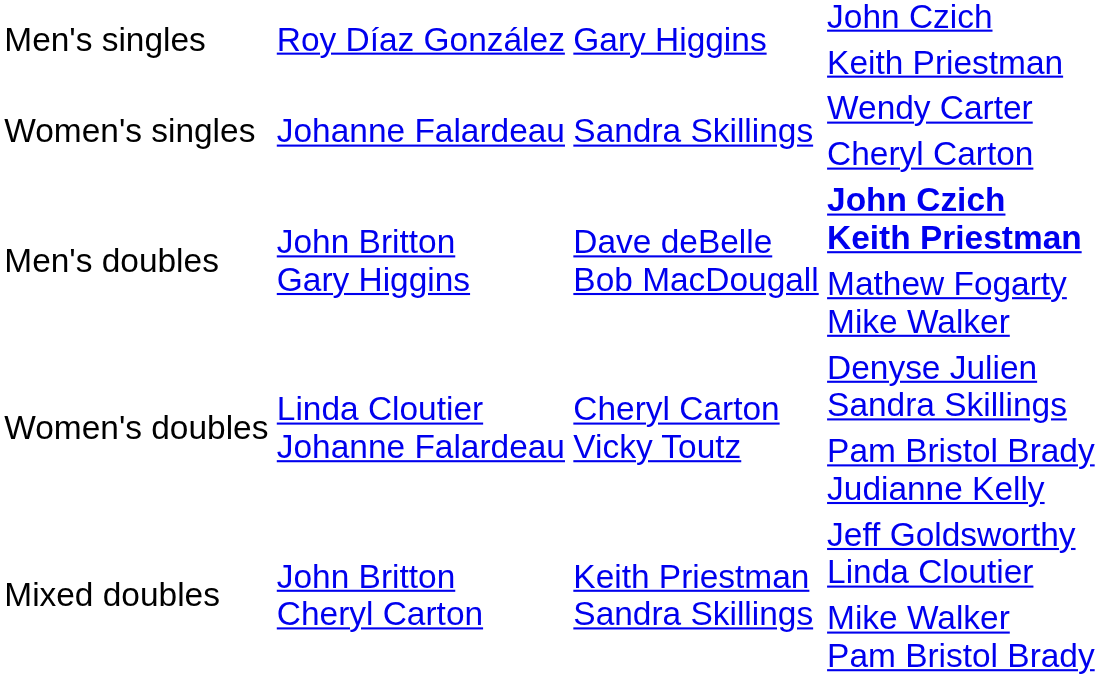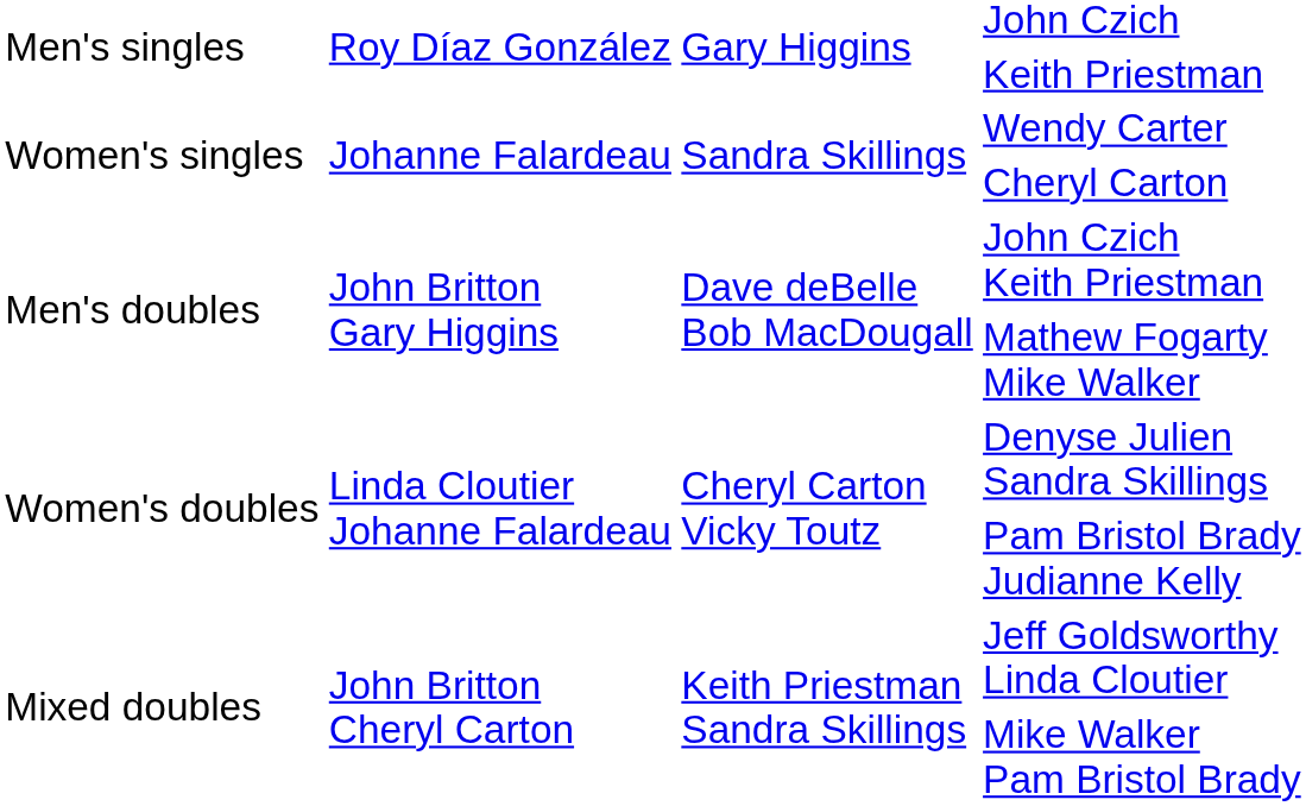 <table>
 <tr>
 <td rowspan="2">Men's singles</td>
 <td rowspan="2"> <a href='#'>Roy Díaz González</a></td>
 <td rowspan="2"> <a href='#'>Gary Higgins</a></td>
 <td> <a href='#'>John Czich</a></td>
 </tr>
 <tr>
 <td> <a href='#'>Keith Priestman</a></td>
 </tr>
 <tr>
 <td rowspan="2">Women's singles</td>
 <td rowspan="2"> <a href='#'>Johanne Falardeau</a></td>
 <td rowspan="2"> <a href='#'>Sandra Skillings</a></td>
 <td> <a href='#'>Wendy Carter</a></td>
 </tr>
 <tr>
 <td> <a href='#'>Cheryl Carton</a></td>
 </tr>
 <tr>
 <td rowspan="2">Men's doubles</td>
 <td rowspan="2"> <a href='#'>John Britton</a> <br> <a href='#'>Gary Higgins</a></td>
 <td rowspan="2"> <a href='#'>Dave deBelle</a> <br> <a href='#'>Bob MacDougall</a></td>
-<td><strong> <a href='#'>John Czich</a><br> <a href='#'>Keith Priestman</a></strong></td>
+<td> <a href='#'>John Czich</a><br> <a href='#'>Keith Priestman</a></td>
 </tr>
 <tr>
 <td> <a href='#'>Mathew Fogarty</a><br> <a href='#'>Mike Walker</a></td>
 </tr>
 <tr>
 <td rowspan="2">Women's doubles</td>
 <td rowspan="2"> <a href='#'>Linda Cloutier</a> <br> <a href='#'>Johanne Falardeau</a></td>
 <td rowspan="2"> <a href='#'>Cheryl Carton</a> <br> <a href='#'>Vicky Toutz</a></td>
 <td> <a href='#'>Denyse Julien</a><br> <a href='#'>Sandra Skillings</a></td>
 </tr>
 <tr>
 <td> <a href='#'>Pam Bristol Brady</a><br> <a href='#'>Judianne Kelly</a></td>
 </tr>
 <tr>
 <td rowspan="2">Mixed doubles</td>
 <td rowspan="2"> <a href='#'>John Britton</a> <br> <a href='#'>Cheryl Carton</a></td>
 <td rowspan="2"> <a href='#'>Keith Priestman</a> <br> <a href='#'>Sandra Skillings</a></td>
 <td> <a href='#'>Jeff Goldsworthy</a><br> <a href='#'>Linda Cloutier</a></td>
 </tr>
 <tr>
 <td> <a href='#'>Mike Walker</a><br> <a href='#'>Pam Bristol Brady</a></td>
 </tr>
 </table>
